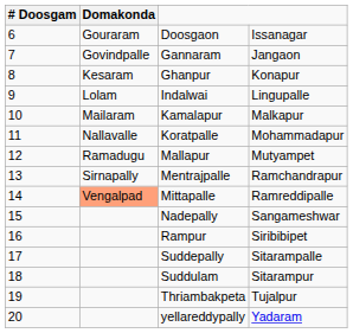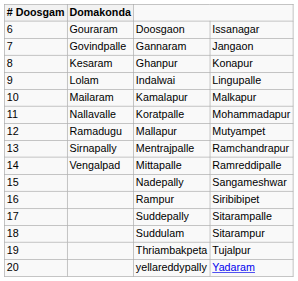 <table class="wikitable">
 <tr>
 <th># Doosgam</th>
 <th>Domakonda</th>
 </tr>
 <tr>
 <td>6</td>
 <td>Gouraram</td>
 <td>Doosgaon</td>
 <td>Issanagar</td>
 </tr>
 <tr>
 <td>7</td>
 <td>Govindpalle</td>
 <td>Gannaram</td>
 <td>Jangaon</td>
 </tr>
 <tr>
 <td>8</td>
 <td>Kesaram</td>
 <td>Ghanpur</td>
 <td>Konapur</td>
 </tr>
 <tr>
 <td>9</td>
 <td>Lolam</td>
 <td>Indalwai</td>
 <td>Lingupalle</td>
 </tr>
 <tr>
 <td>10</td>
 <td>Mailaram</td>
 <td>Kamalapur</td>
 <td>Malkapur</td>
 </tr>
 <tr>
 <td>11</td>
 <td>Nallavalle</td>
 <td>Koratpalle</td>
 <td>Mohammadapur</td>
 </tr>
 <tr>
 <td>12</td>
 <td>Ramadugu</td>
 <td>Mallapur</td>
 <td>Mutyampet</td>
 </tr>
 <tr>
 <td>13</td>
 <td>Sirnapally</td>
 <td>Mentrajpalle</td>
 <td>Ramchandrapur</td>
 </tr>
 <tr>
 <td>14</td>
-<td style="background: lightsalmon;">Vengalpad</td>
+<td>Vengalpad</td>
 <td>Mittapalle</td>
 <td>Ramreddipalle</td>
 </tr>
 <tr>
 <td>15</td>
 <td></td>
 <td>Nadepally</td>
 <td>Sangameshwar</td>
 </tr>
 <tr>
 <td>16</td>
 <td></td>
 <td>Rampur</td>
 <td>Siribibipet</td>
 </tr>
 <tr>
 <td>17</td>
 <td></td>
 <td>Suddepally</td>
 <td>Sitarampalle</td>
 </tr>
 <tr>
 <td>18</td>
 <td></td>
 <td>Suddulam</td>
 <td>Sitarampur</td>
 </tr>
 <tr>
 <td>19</td>
 <td></td>
 <td>Thriambakpeta</td>
 <td>Tujalpur</td>
 </tr>
 <tr>
 <td>20</td>
 <td></td>
 <td>yellareddypally</td>
 <td><a href='#'>Yadaram</a></td>
 </tr>
 </table>
